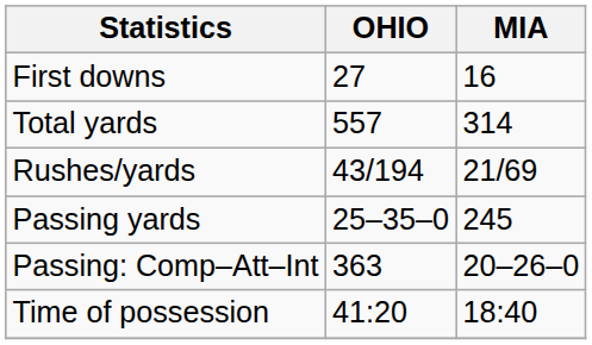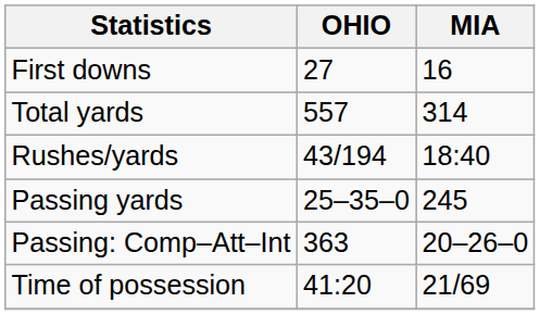 <table class="wikitable" style="float: left;">
 <tr>
 <th>Statistics</th>
 <th>OHIO</th>
 <th>MIA</th>
 </tr>
 <tr>
 <td>First downs</td>
 <td>27</td>
 <td>16</td>
 </tr>
 <tr>
 <td>Total yards</td>
 <td>557</td>
 <td>314</td>
 </tr>
 <tr>
 <td>Rushes/yards</td>
 <td>43/194</td>
-<td>21/69</td>
+<td>18:40</td>
 </tr>
 <tr>
 <td>Passing yards</td>
 <td>25–35–0</td>
 <td>245</td>
 </tr>
 <tr>
 <td>Passing: Comp–Att–Int</td>
 <td>363</td>
 <td>20–26–0</td>
 </tr>
 <tr>
 <td>Time of possession</td>
 <td>41:20</td>
-<td>18:40</td>
+<td>21/69</td>
 </tr>
 <tr>
 </tr>
 </table>
